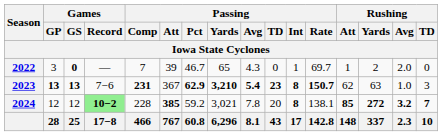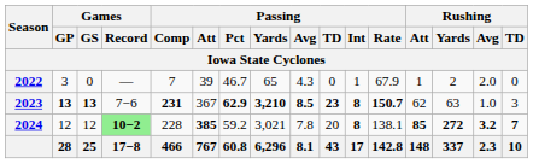 <table class="wikitable" style="text-align:center;">
 <tr>
 <th rowspan="2">Season</th>
 <th colspan="3">Games</th>
 <th colspan="8">Passing</th>
 <th colspan="5">Rushing</th>
 </tr>
 <tr>
 <th>GP</th>
 <th>GS</th>
 <th>Record</th>
 <th>Comp</th>
 <th>Att</th>
 <th>Pct</th>
 <th>Yards</th>
 <th>Avg</th>
 <th>TD</th>
 <th>Int</th>
 <th>Rate</th>
 <th>Att</th>
 <th>Yards</th>
 <th>Avg</th>
 <th>TD</th>
 </tr>
 <tr>
 <th colspan="16">Iowa State Cyclones</th>
 </tr>
 <tr>
 <th><a href='#'>2022</a></th>
 <td>3</td>
-<td><strong>0</strong></td>
+<td>0</td>
 <td>—</td>
 <td>7</td>
 <td>39</td>
 <td>46.7</td>
 <td>65</td>
 <td>4.3</td>
 <td>0</td>
 <td>1</td>
-<td>69.7</td>
+<td>67.9</td>
 <td>1</td>
 <td>2</td>
 <td>2.0</td>
 <td>0</td>
 </tr>
 <tr>
 <th><a href='#'>2023</a></th>
 <td><strong>13</strong></td>
 <td><strong>13</strong></td>
 <td>7−6</td>
 <td><strong>231</strong></td>
 <td>367</td>
 <td><strong>62.9</strong></td>
 <td><strong>3,210</strong></td>
-<td><strong>5.4</strong></td>
+<td><strong>8.5</strong></td>
 <td><strong>23</strong></td>
 <td><strong>8</strong></td>
 <td><strong>150.7</strong></td>
 <td>62</td>
 <td>63</td>
 <td>1.0</td>
 <td>3</td>
 </tr>
 <tr>
 <th><a href='#'>2024</a></th>
 <td>12</td>
 <td>12</td>
 <td style="background: lightgreen;"><strong>10−2</strong></td>
 <td>228</td>
 <td><strong>385</strong></td>
 <td>59.2</td>
 <td>3,021</td>
 <td>7.8</td>
 <td>20</td>
 <td><strong>8</strong></td>
 <td>138.1</td>
 <td><strong>85</strong></td>
 <td><strong>272</strong></td>
 <td><strong>3.2</strong></td>
 <td><strong>7</strong></td>
 </tr>
 <tr>
 <th></th>
 <th>28</th>
 <th>25</th>
 <th>17−8</th>
 <th>466</th>
 <th>767</th>
 <th>60.8</th>
 <th>6,296</th>
 <th>8.1</th>
 <th>43</th>
 <th>17</th>
 <th>142.8</th>
 <th>148</th>
 <th>337</th>
 <th>2.3</th>
 <th>10</th>
 </tr>
 </table>
